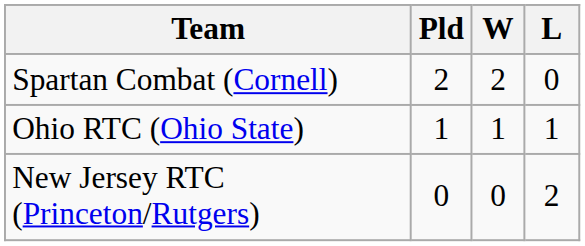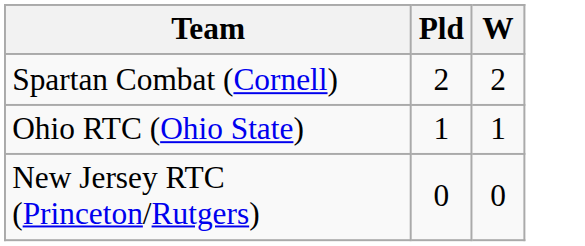 <table class="wikitable" style="text-align:center">
 <tr>
 <th style="width:200px;">Team</th>
 <th width="20">Pld</th>
 <th width="20">W</th>
-<th width="20">L</th>
 </tr>
 <tr style="background:">
 <td align=left>Spartan Combat (<a href='#'>Cornell</a>)</td>
 <td>2</td>
 <td>2</td>
-<td>0</td>
 </tr>
 <tr style="background:">
 <td align=left>Ohio RTC (<a href='#'>Ohio State</a>)</td>
-<td>1</td>
 <td>1</td>
 <td>1</td>
 </tr>
 <tr style="background:">
 <td align=left>New Jersey RTC (<a href='#'>Princeton</a>/<a href='#'>Rutgers</a>)</td>
 <td>0</td>
 <td>0</td>
-<td>2</td>
 </tr>
 </table>
